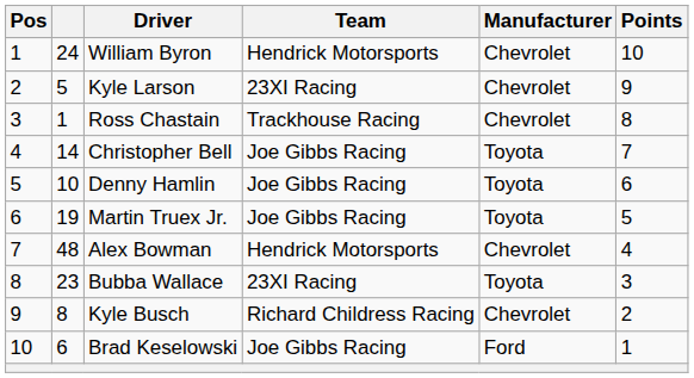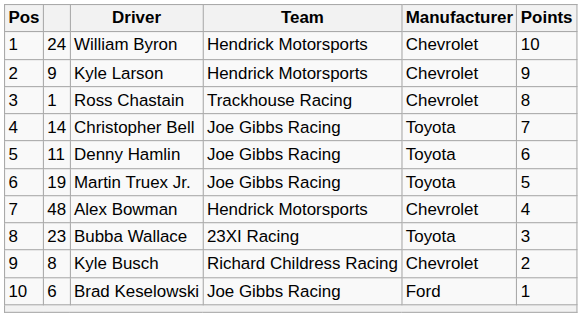 <table class="wikitable" style="font-size:98%">
 <tr>
 <th>Pos</th>
 <th></th>
 <th>Driver</th>
 <th>Team</th>
 <th>Manufacturer</th>
 <th>Points</th>
 </tr>
 <tr>
 <td>1</td>
 <td>24</td>
 <td>William Byron</td>
 <td>Hendrick Motorsports</td>
 <td>Chevrolet</td>
 <td>10</td>
 </tr>
 <tr>
 <td>2</td>
-<td>5</td>
+<td>9</td>
 <td>Kyle Larson</td>
-<td>23XI Racing</td>
+<td>Hendrick Motorsports</td>
 <td>Chevrolet</td>
 <td>9</td>
 </tr>
 <tr>
 <td>3</td>
 <td>1</td>
 <td>Ross Chastain</td>
 <td>Trackhouse Racing</td>
 <td>Chevrolet</td>
 <td>8</td>
 </tr>
 <tr>
 <td>4</td>
 <td>14</td>
 <td>Christopher Bell</td>
 <td>Joe Gibbs Racing</td>
 <td>Toyota</td>
 <td>7</td>
 </tr>
 <tr>
 <td>5</td>
-<td>10</td>
+<td>11</td>
 <td>Denny Hamlin</td>
 <td>Joe Gibbs Racing</td>
 <td>Toyota</td>
 <td>6</td>
 </tr>
 <tr>
 <td>6</td>
 <td>19</td>
 <td>Martin Truex Jr.</td>
 <td>Joe Gibbs Racing</td>
 <td>Toyota</td>
 <td>5</td>
 </tr>
 <tr>
 <td>7</td>
 <td>48</td>
 <td>Alex Bowman</td>
 <td>Hendrick Motorsports</td>
 <td>Chevrolet</td>
 <td>4</td>
 </tr>
 <tr>
 <td>8</td>
 <td>23</td>
 <td>Bubba Wallace</td>
 <td>23XI Racing</td>
 <td>Toyota</td>
 <td>3</td>
 </tr>
 <tr>
 <td>9</td>
 <td>8</td>
 <td>Kyle Busch</td>
 <td>Richard Childress Racing</td>
 <td>Chevrolet</td>
 <td>2</td>
 </tr>
 <tr>
 <td>10</td>
 <td>6</td>
 <td>Brad Keselowski</td>
 <td>Joe Gibbs Racing</td>
 <td>Ford</td>
 <td>1</td>
 </tr>
 <tr>
 <th colspan="6"></th>
 </tr>
 </table>
